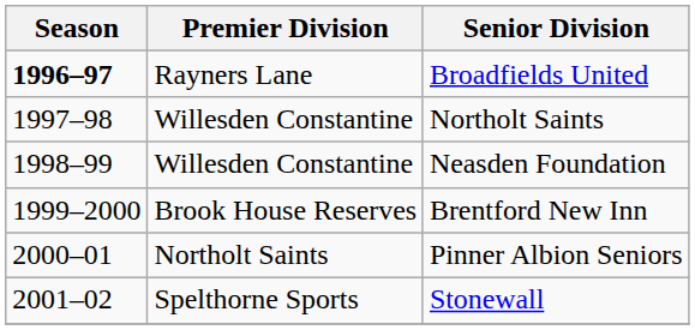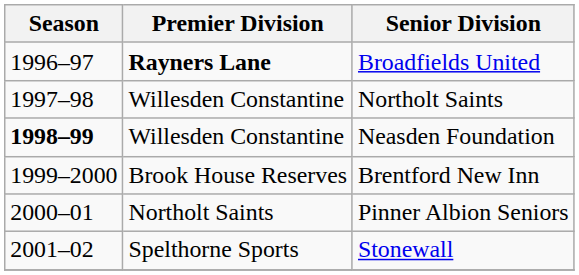 <table class="wikitable">
 <tr>
 <th><strong>Season</strong></th>
 <th><strong>Premier Division</strong></th>
 <th><strong>Senior Division</strong></th>
 </tr>
 <tr>
-<td><strong>1996–97</strong></td>
-<td>Rayners Lane</td>
+<td>1996–97</td>
+<td><strong>Rayners Lane</strong></td>
 <td><a href='#'>Broadfields United</a></td>
 </tr>
 <tr>
 <td>1997–98</td>
 <td>Willesden Constantine</td>
 <td>Northolt Saints</td>
 </tr>
 <tr>
-<td>1998–99</td>
+<td><strong>1998–99</strong></td>
 <td>Willesden Constantine</td>
 <td>Neasden Foundation</td>
 </tr>
 <tr>
 <td>1999–2000</td>
 <td>Brook House Reserves</td>
 <td>Brentford New Inn</td>
 </tr>
 <tr>
 <td>2000–01</td>
 <td>Northolt Saints</td>
 <td>Pinner Albion Seniors</td>
 </tr>
 <tr>
 <td>2001–02</td>
 <td>Spelthorne Sports</td>
 <td><a href='#'>Stonewall</a></td>
 </tr>
 <tr>
 </tr>
 </table>
